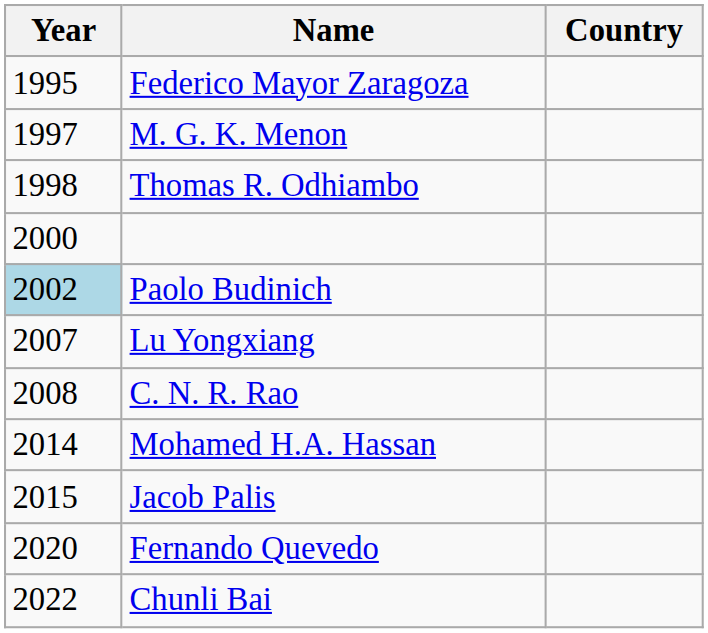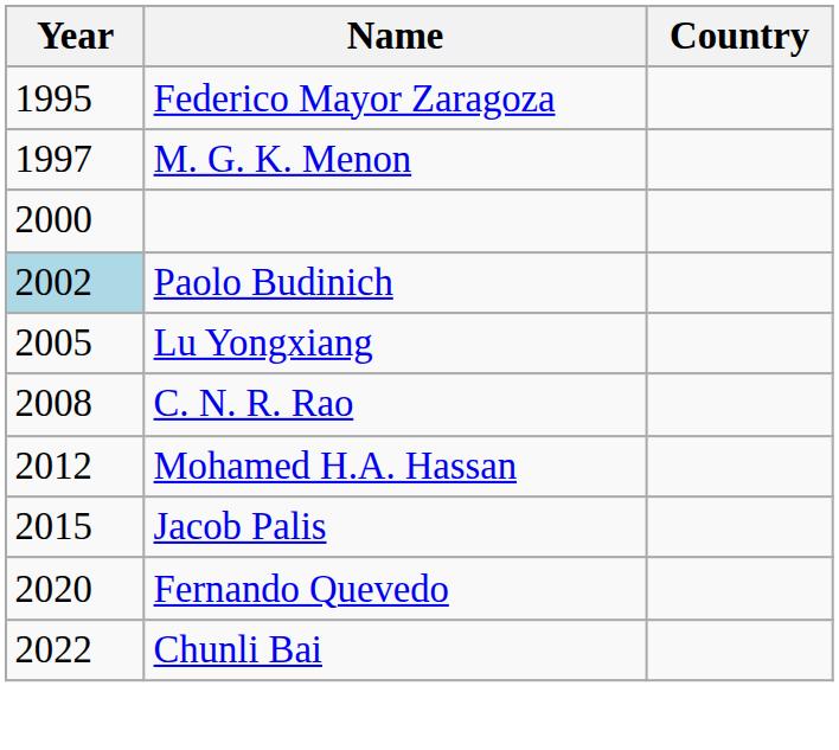 <table class="wikitable sortable" border="1" style="align:left;">
 <tr>
 <th width="50">Year</th>
 <th width="200">Name</th>
 <th width="70">Country</th>
 </tr>
 <tr>
 <td>1995</td>
 <td><a href='#'>Federico Mayor Zaragoza</a></td>
 <td></td>
 </tr>
 <tr>
 <td>1997</td>
 <td><a href='#'>M. G. K. Menon</a></td>
 <td></td>
 </tr>
 <tr>
-<td>1998</td>
-<td><a href='#'>Thomas R. Odhiambo</a></td>
-<td></td>
-</tr>
-<tr>
 <td>2000</td>
 <td></td>
 <td></td>
 </tr>
 <tr>
 <td style="background: lightblue;">2002</td>
 <td><a href='#'>Paolo Budinich</a></td>
 <td></td>
 </tr>
 <tr>
-<td>2007</td>
+<td>2005</td>
 <td><a href='#'>Lu Yongxiang</a></td>
 <td></td>
 </tr>
 <tr>
 <td>2008</td>
 <td><a href='#'>C. N. R. Rao</a></td>
 <td></td>
 </tr>
 <tr>
-<td>2014</td>
+<td>2012</td>
 <td><a href='#'>Mohamed H.A. Hassan</a></td>
 <td></td>
 </tr>
 <tr>
 <td>2015</td>
 <td><a href='#'>Jacob Palis</a></td>
 <td></td>
 </tr>
 <tr>
 <td>2020</td>
 <td><a href='#'>Fernando Quevedo</a></td>
 <td></td>
 </tr>
 <tr>
 <td>2022</td>
 <td><a href='#'>Chunli Bai</a></td>
 <td></td>
 </tr>
 </table>
